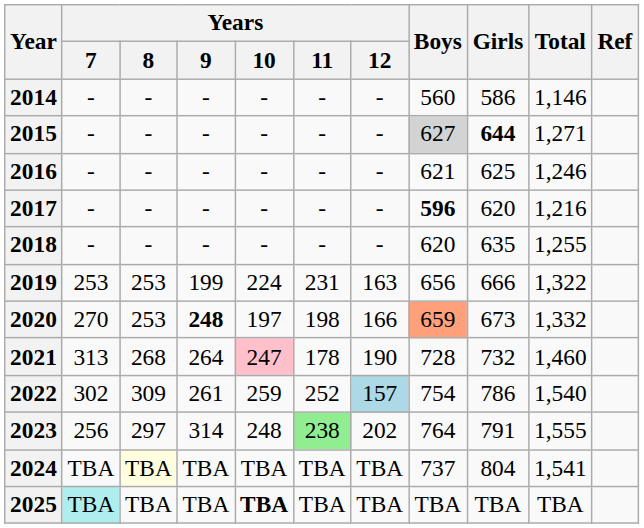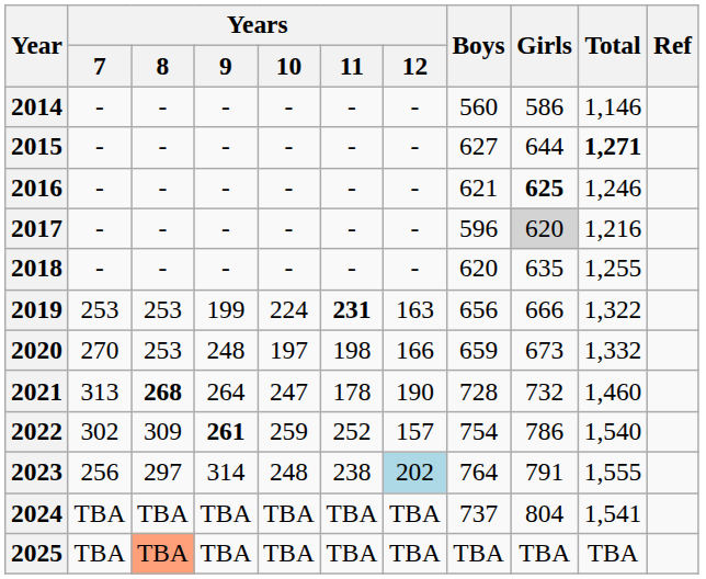 <table class="wikitable sortable">
 <tr>
 <th rowspan=2>Year</th>
 <th colspan=6>Years</th>
 <th rowspan=2>Boys</th>
 <th rowspan=2>Girls</th>
 <th rowspan=2>Total</th>
 <th rowspan=2>Ref</th>
 </tr>
 <tr>
 <th>7</th>
 <th>8</th>
 <th>9</th>
 <th>10</th>
 <th>11</th>
 <th>12</th>
 </tr>
 <tr>
 <th>2014</th>
 <td style="text-align:center">-</td>
 <td style="text-align:center">-</td>
 <td style="text-align:center">-</td>
 <td style="text-align:center">-</td>
 <td style="text-align:center">-</td>
 <td style="text-align:center">-</td>
 <td style="text-align:center">560</td>
 <td style="text-align:center">586</td>
 <td style="text-align:center">1,146</td>
 <td></td>
 </tr>
 <tr>
 <th>2015</th>
 <td style="text-align:center">-</td>
 <td style="text-align:center">-</td>
 <td style="text-align:center">-</td>
 <td style="text-align:center">-</td>
 <td style="text-align:center">-</td>
 <td style="text-align:center">-</td>
-<td style="background: lightgrey; text-align:center">627</td>
-<td style="text-align:center"><strong>644</strong></td>
-<td style="text-align:center">1,271</td>
+<td style="text-align:center">627</td>
+<td style="text-align:center">644</td>
+<td style="text-align:center"><strong>1,271</strong></td>
 <td></td>
 </tr>
 <tr>
 <th>2016</th>
 <td style="text-align:center">-</td>
 <td style="text-align:center">-</td>
 <td style="text-align:center">-</td>
 <td style="text-align:center">-</td>
 <td style="text-align:center">-</td>
 <td style="text-align:center">-</td>
 <td style="text-align:center">621</td>
-<td style="text-align:center">625</td>
+<td style="text-align:center"><strong>625</strong></td>
 <td style="text-align:center">1,246</td>
 <td></td>
 </tr>
 <tr>
 <th>2017</th>
 <td style="text-align:center">-</td>
 <td style="text-align:center">-</td>
 <td style="text-align:center">-</td>
 <td style="text-align:center">-</td>
 <td style="text-align:center">-</td>
 <td style="text-align:center">-</td>
-<td style="text-align:center"><strong>596</strong></td>
-<td style="text-align:center">620</td>
+<td style="text-align:center">596</td>
+<td style="background: lightgrey; text-align:center">620</td>
 <td style="text-align:center">1,216</td>
 <td></td>
 </tr>
 <tr>
 <th>2018</th>
 <td style="text-align:center">-</td>
 <td style="text-align:center">-</td>
 <td style="text-align:center">-</td>
 <td style="text-align:center">-</td>
 <td style="text-align:center">-</td>
 <td style="text-align:center">-</td>
 <td style="text-align:center">620</td>
 <td style="text-align:center">635</td>
 <td style="text-align:center">1,255</td>
 <td></td>
 </tr>
 <tr>
 <th>2019</th>
 <td style="text-align:center">253</td>
 <td style="text-align:center">253</td>
 <td style="text-align:center">199</td>
 <td style="text-align:center">224</td>
-<td style="text-align:center">231</td>
+<td style="text-align:center"><strong>231</strong></td>
 <td style="text-align:center">163</td>
 <td style="text-align:center">656</td>
 <td style="text-align:center">666</td>
 <td style="text-align:center">1,322</td>
 <td></td>
 </tr>
 <tr>
 <th>2020</th>
 <td style="text-align:center">270</td>
 <td style="text-align:center">253</td>
-<td style="text-align:center"><strong>248</strong></td>
+<td style="text-align:center">248</td>
 <td style="text-align:center">197</td>
 <td style="text-align:center">198</td>
 <td style="text-align:center">166</td>
-<td style="background: lightsalmon; text-align:center">659</td>
+<td style="text-align:center">659</td>
 <td style="text-align:center">673</td>
 <td style="text-align:center">1,332</td>
 <td></td>
 </tr>
 <tr>
 <th>2021</th>
 <td style="text-align:center">313</td>
-<td style="text-align:center">268</td>
+<td style="text-align:center"><strong>268</strong></td>
 <td style="text-align:center">264</td>
-<td style="background: pink; text-align:center">247</td>
+<td style="text-align:center">247</td>
 <td style="text-align:center">178</td>
 <td style="text-align:center">190</td>
 <td style="text-align:center">728</td>
 <td style="text-align:center">732</td>
 <td style="text-align:center">1,460</td>
 <td></td>
 </tr>
 <tr>
 <th>2022</th>
 <td style="text-align:center">302</td>
 <td style="text-align:center">309</td>
-<td style="text-align:center">261</td>
+<td style="text-align:center"><strong>261</strong></td>
 <td style="text-align:center">259</td>
 <td style="text-align:center">252</td>
-<td style="background: lightblue; text-align:center">157</td>
+<td style="text-align:center">157</td>
 <td style="text-align:center">754</td>
 <td style="text-align:center">786</td>
 <td style="text-align:center">1,540</td>
 <td></td>
 </tr>
 <tr>
 <th>2023</th>
 <td style="text-align:center">256</td>
 <td style="text-align:center">297</td>
 <td style="text-align:center">314</td>
 <td style="text-align:center">248</td>
-<td style="background: lightgreen; text-align:center">238</td>
-<td style="text-align:center">202</td>
+<td style="text-align:center">238</td>
+<td style="background: lightblue; text-align:center">202</td>
 <td style="text-align:center">764</td>
 <td style="text-align:center">791</td>
 <td style="text-align:center">1,555</td>
 <td></td>
 </tr>
 <tr>
 <th>2024</th>
 <td style="text-align:center">TBA</td>
-<td style="background: lightyellow; text-align:center">TBA</td>
+<td style="text-align:center">TBA</td>
 <td style="text-align:center">TBA</td>
 <td style="text-align:center">TBA</td>
 <td style="text-align:center">TBA</td>
 <td style="text-align:center">TBA</td>
 <td style="text-align:center">737</td>
 <td style="text-align:center">804</td>
 <td style="text-align:center">1,541</td>
 <td></td>
 </tr>
 <tr>
 <th>2025</th>
-<td style="background: paleturquoise; text-align:center">TBA</td>
+<td style="text-align:center">TBA</td>
+<td style="background: lightsalmon; text-align:center">TBA</td>
 <td style="text-align:center">TBA</td>
 <td style="text-align:center">TBA</td>
-<td style="text-align:center"><strong>TBA</strong></td>
 <td style="text-align:center">TBA</td>
 <td style="text-align:center">TBA</td>
 <td style="text-align:center">TBA</td>
 <td style="text-align:center">TBA</td>
 <td style="text-align:center">TBA</td>
 <td></td>
 </tr>
 </table>
